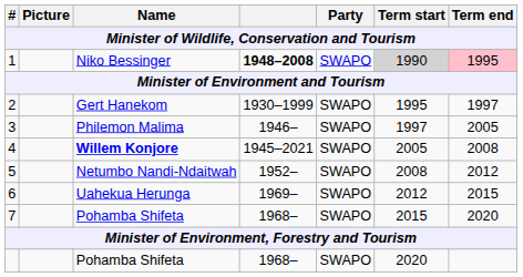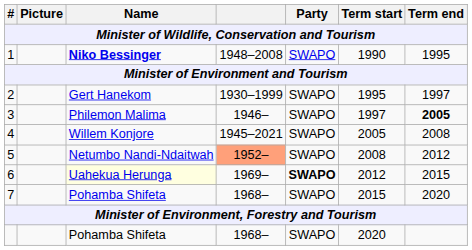 <table class="wikitable" style="text-align:center;">
 <tr>
 <th>#</th>
 <th>Picture</th>
 <th>Name</th>
 <th></th>
 <th>Party</th>
 <th>Term start</th>
 <th>Term end</th>
 </tr>
 <tr>
 <th style="background:#EEEEFF" align="center" colspan="7"><em>Minister of Wildlife, Conservation and Tourism</em></th>
 </tr>
 <tr>
 <td>1</td>
 <td></td>
-<td style="text-align:left;"><a href='#'>Niko Bessinger</a></td>
-<td><strong>1948–2008</strong></td>
+<td style="text-align:left;"><strong><a href='#'>Niko Bessinger</a></strong></td>
+<td>1948–2008</td>
 <td><a href='#'>SWAPO</a></td>
-<td style="background: lightgrey;">1990</td>
-<td style="background: pink;">1995</td>
+<td>1990</td>
+<td>1995</td>
 </tr>
 <tr>
 <th style="background:#EEEEFF" align="center" colspan="7"><em>Minister of Environment and Tourism</em></th>
 </tr>
 <tr>
 <td>2</td>
 <td></td>
 <td style="text-align:left;"><a href='#'>Gert Hanekom</a></td>
 <td>1930–1999</td>
 <td>SWAPO</td>
 <td>1995</td>
 <td>1997</td>
 </tr>
 <tr>
 <td>3</td>
 <td></td>
 <td style="text-align:left;"><a href='#'>Philemon Malima</a></td>
 <td>1946–</td>
 <td>SWAPO</td>
 <td>1997</td>
-<td>2005</td>
+<td><strong>2005</strong></td>
 </tr>
 <tr>
 <td>4</td>
 <td></td>
-<td style="text-align:left;"><strong><a href='#'>Willem Konjore</a></strong></td>
+<td style="text-align:left;"><a href='#'>Willem Konjore</a></td>
 <td>1945–2021</td>
 <td>SWAPO</td>
 <td>2005</td>
 <td>2008</td>
 </tr>
 <tr>
 <td>5</td>
 <td></td>
 <td style="text-align:left;"><a href='#'>Netumbo Nandi-Ndaitwah</a></td>
-<td>1952–</td>
+<td style="background: lightsalmon;">1952–</td>
 <td>SWAPO</td>
 <td>2008</td>
 <td>2012</td>
 </tr>
 <tr>
 <td>6</td>
 <td></td>
-<td style="text-align:left;"><a href='#'>Uahekua Herunga</a></td>
+<td style="background: lightyellow; text-align:left;"><a href='#'>Uahekua Herunga</a></td>
 <td>1969–</td>
-<td>SWAPO</td>
+<td><strong>SWAPO</strong></td>
 <td>2012</td>
 <td>2015</td>
 </tr>
 <tr>
 <td>7</td>
 <td></td>
 <td style="text-align:left;"><a href='#'>Pohamba Shifeta</a></td>
 <td>1968–</td>
 <td>SWAPO</td>
 <td>2015</td>
 <td>2020</td>
 </tr>
 <tr>
 <th style="background:#EEEEFF" align="center" colspan="7"><em>Minister of Environment, Forestry and Tourism</em></th>
 </tr>
 <tr>
 <td></td>
 <td></td>
 <td style="text-align:left;">Pohamba Shifeta</td>
 <td>1968–</td>
 <td>SWAPO</td>
 <td>2020</td>
 <td></td>
 </tr>
 </table>
